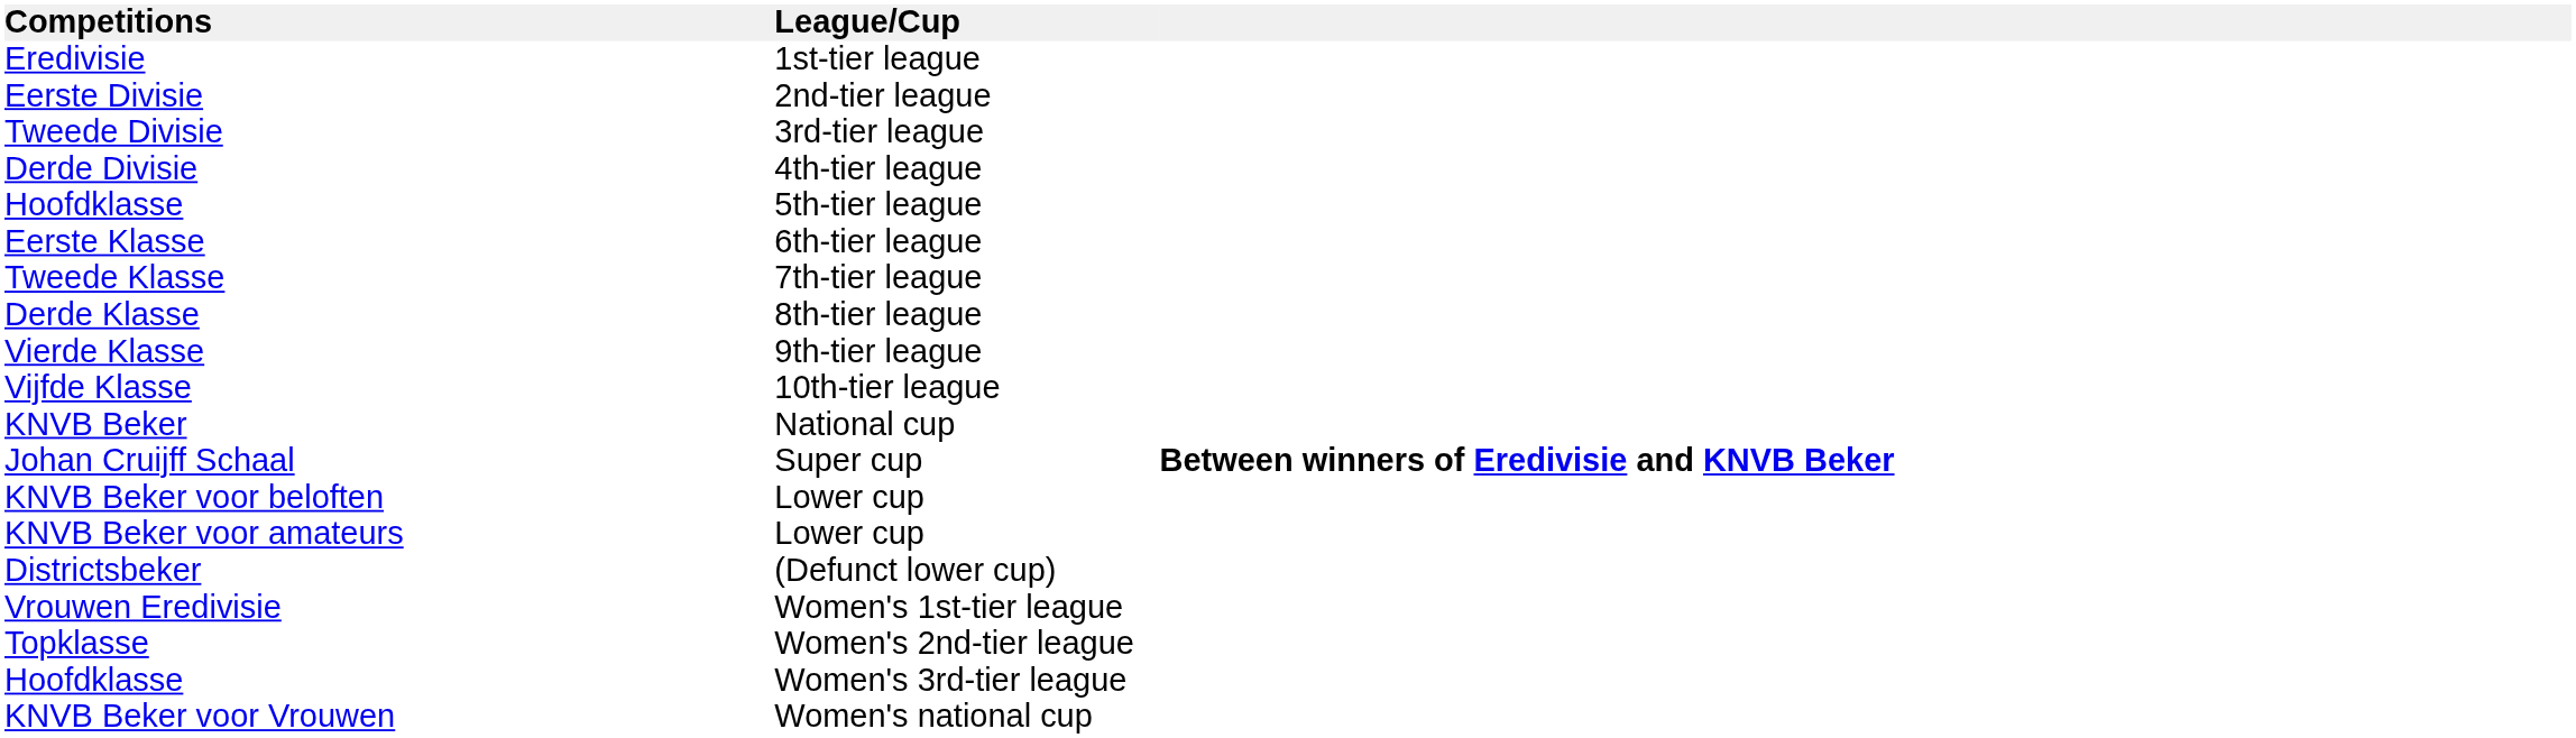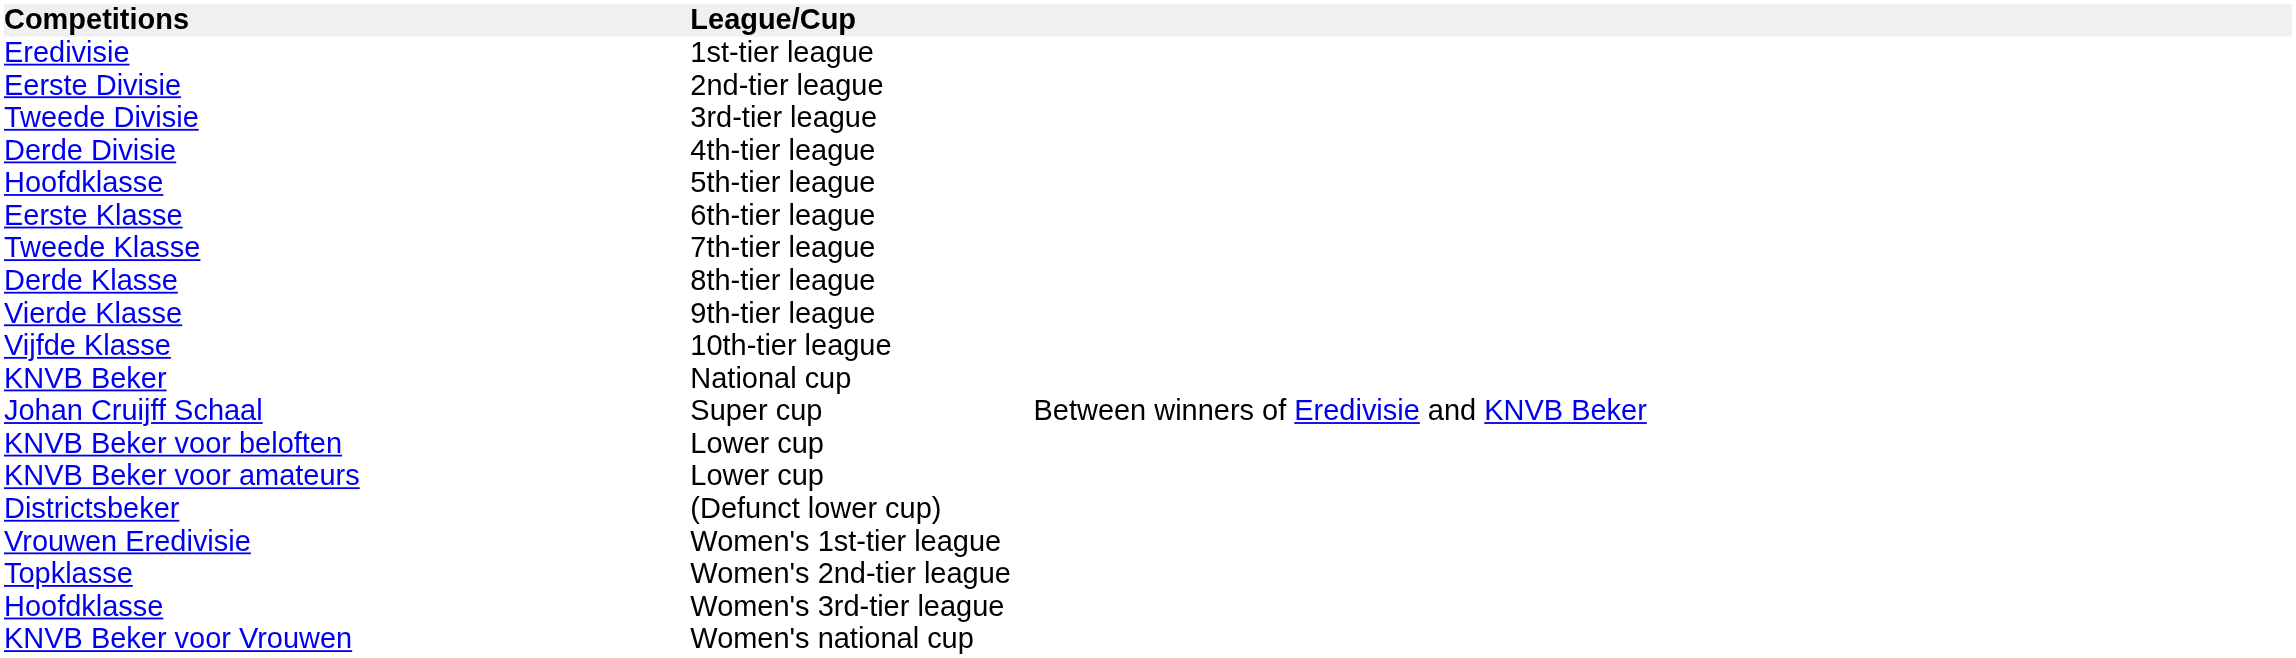 <table width="100%" cellspacing="0" cellpadding="0">
 <tr bgcolor="F0F0F0">
 <th width="30%" align="left"> Competitions</th>
 <th width="15%" align="left">League/Cup</th>
 <th width="55%" align="left"></th>
 </tr>
 <tr>
 <td><a href='#'>Eredivisie</a></td>
 <td>1st-tier league</td>
 <td></td>
 <td></td>
 </tr>
 <tr>
 <td><a href='#'>Eerste Divisie</a></td>
 <td>2nd-tier league</td>
 <td></td>
 <td></td>
 </tr>
 <tr>
 <td><a href='#'>Tweede Divisie</a></td>
 <td>3rd-tier league</td>
 <td></td>
 <td></td>
 </tr>
 <tr>
 <td><a href='#'>Derde Divisie</a></td>
 <td>4th-tier league</td>
 <td></td>
 <td></td>
 </tr>
 <tr>
 <td><a href='#'>Hoofdklasse</a></td>
 <td>5th-tier league</td>
 <td></td>
 <td></td>
 </tr>
 <tr>
 <td><a href='#'>Eerste Klasse</a></td>
 <td>6th-tier league</td>
 <td></td>
 <td></td>
 </tr>
 <tr>
 <td><a href='#'>Tweede Klasse</a></td>
 <td>7th-tier league</td>
 <td></td>
 <td></td>
 </tr>
 <tr>
 <td><a href='#'>Derde Klasse</a></td>
 <td>8th-tier league</td>
 <td></td>
 <td></td>
 </tr>
 <tr>
 <td><a href='#'>Vierde Klasse</a></td>
 <td>9th-tier league</td>
 <td></td>
 <td></td>
 </tr>
 <tr>
 <td><a href='#'>Vijfde Klasse</a></td>
 <td>10th-tier league</td>
 <td></td>
 <td></td>
 </tr>
 <tr>
 <td><a href='#'>KNVB Beker</a></td>
 <td>National cup</td>
 <td></td>
 <td></td>
 </tr>
 <tr>
 <td><a href='#'>Johan Cruijff Schaal</a></td>
 <td>Super cup</td>
-<td><strong>Between winners of <a href='#'>Eredivisie</a> and <a href='#'>KNVB Beker</a></strong></td>
+<td>Between winners of <a href='#'>Eredivisie</a> and <a href='#'>KNVB Beker</a></td>
 <td></td>
 </tr>
 <tr>
 <td><a href='#'>KNVB Beker voor beloften</a></td>
 <td>Lower cup</td>
 <td></td>
 <td></td>
 </tr>
 <tr>
 <td><a href='#'>KNVB Beker voor amateurs</a></td>
 <td>Lower cup</td>
 <td></td>
 <td></td>
 </tr>
 <tr>
 <td><a href='#'>Districtsbeker</a></td>
 <td>(Defunct lower cup)</td>
 <td></td>
 <td></td>
 </tr>
 <tr>
 <td><a href='#'>Vrouwen Eredivisie</a></td>
 <td>Women's 1st-tier league</td>
 <td></td>
 <td></td>
 </tr>
 <tr>
 <td><a href='#'>Topklasse</a></td>
 <td>Women's 2nd-tier league</td>
 <td></td>
 <td></td>
 </tr>
 <tr>
 <td><a href='#'>Hoofdklasse</a></td>
 <td>Women's 3rd-tier league</td>
 <td></td>
 <td></td>
 </tr>
 <tr>
 <td><a href='#'>KNVB Beker voor Vrouwen</a></td>
 <td>Women's national cup</td>
 <td></td>
 <td></td>
 </tr>
 </table>
